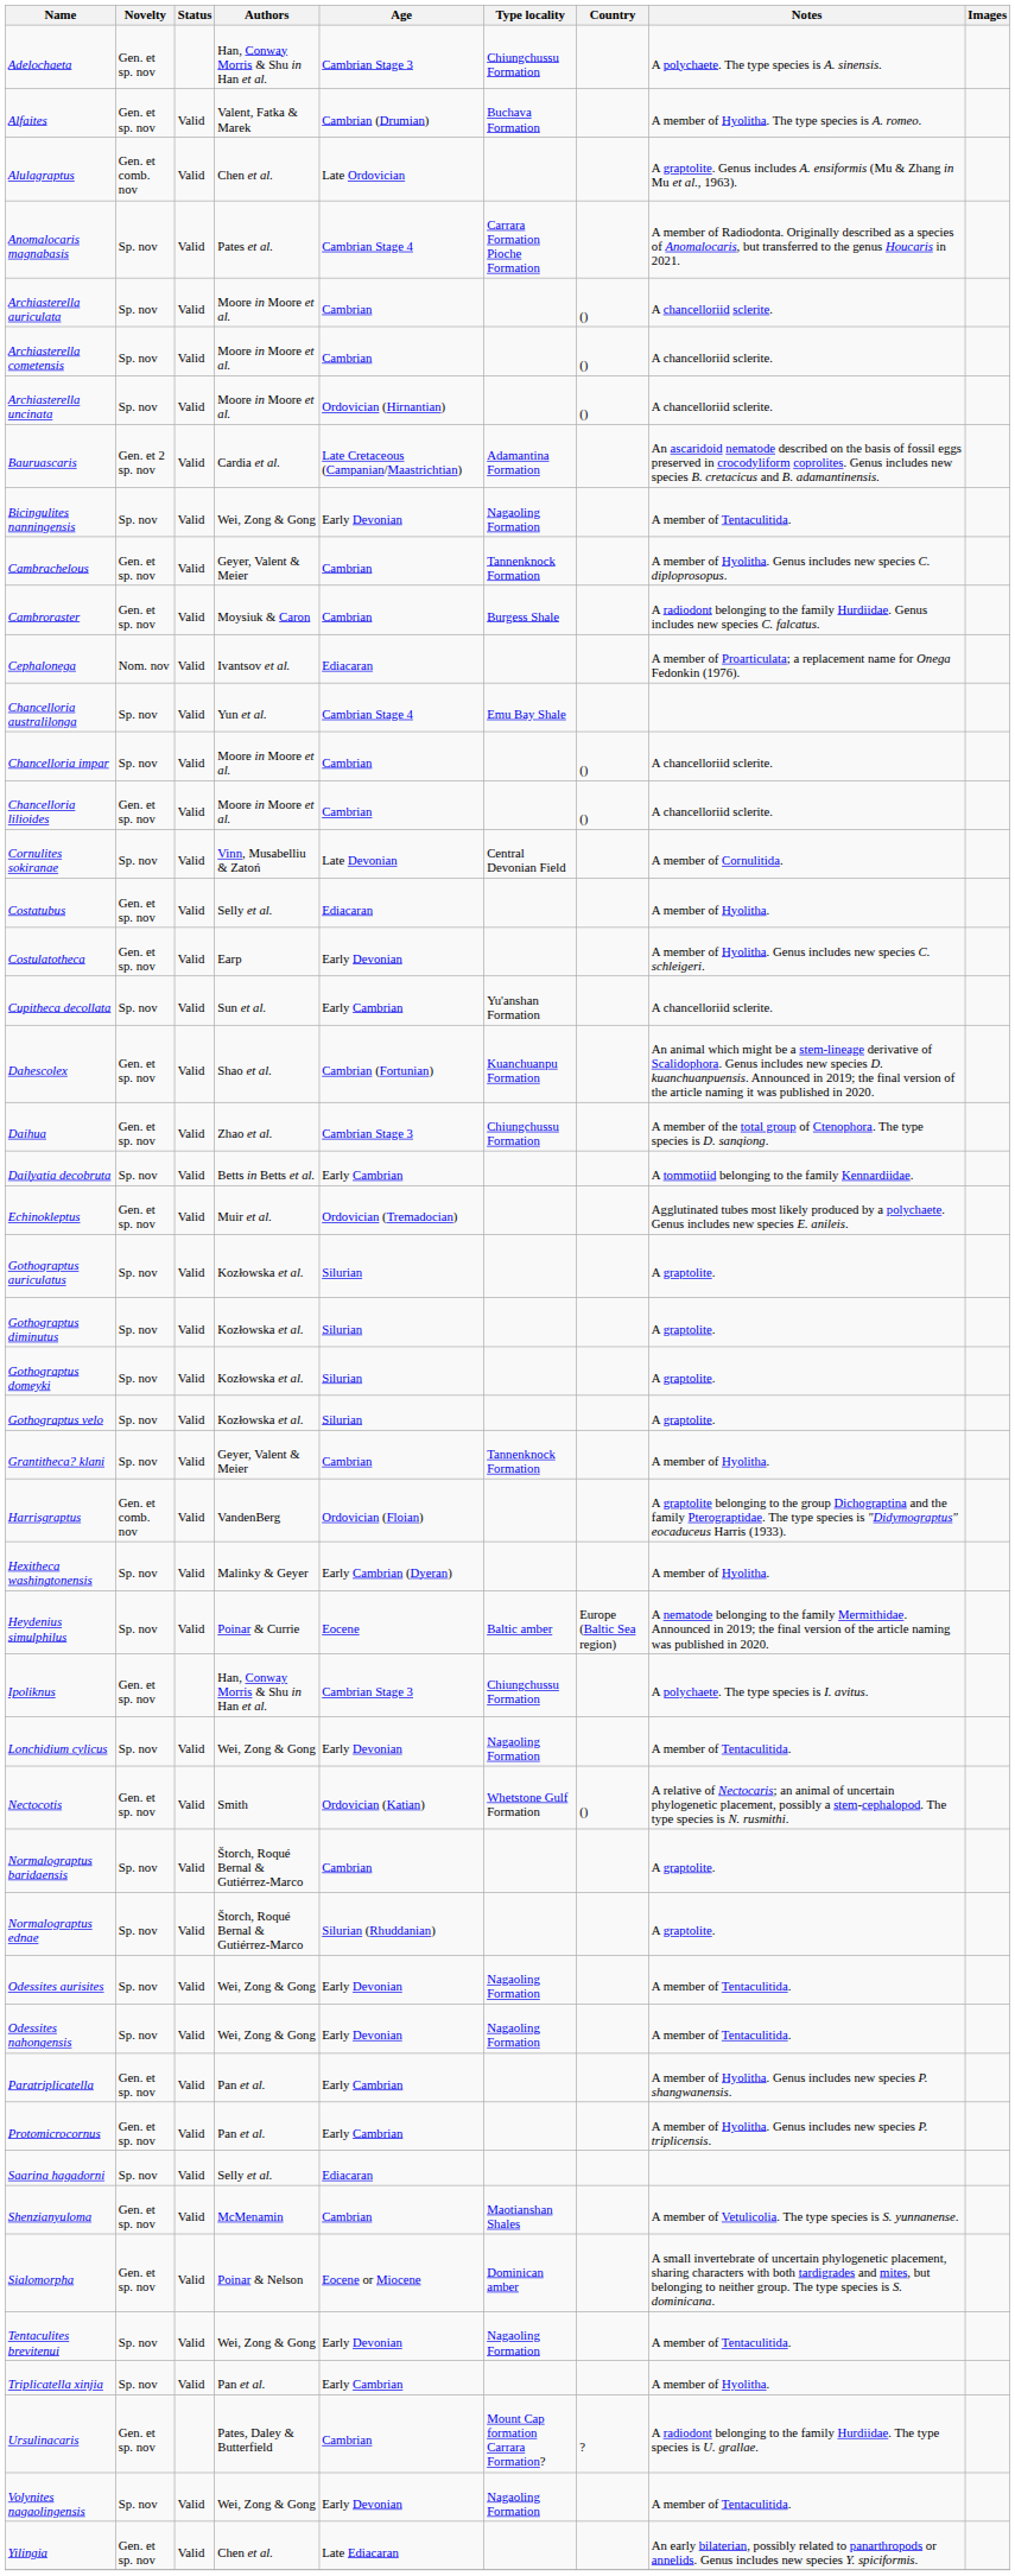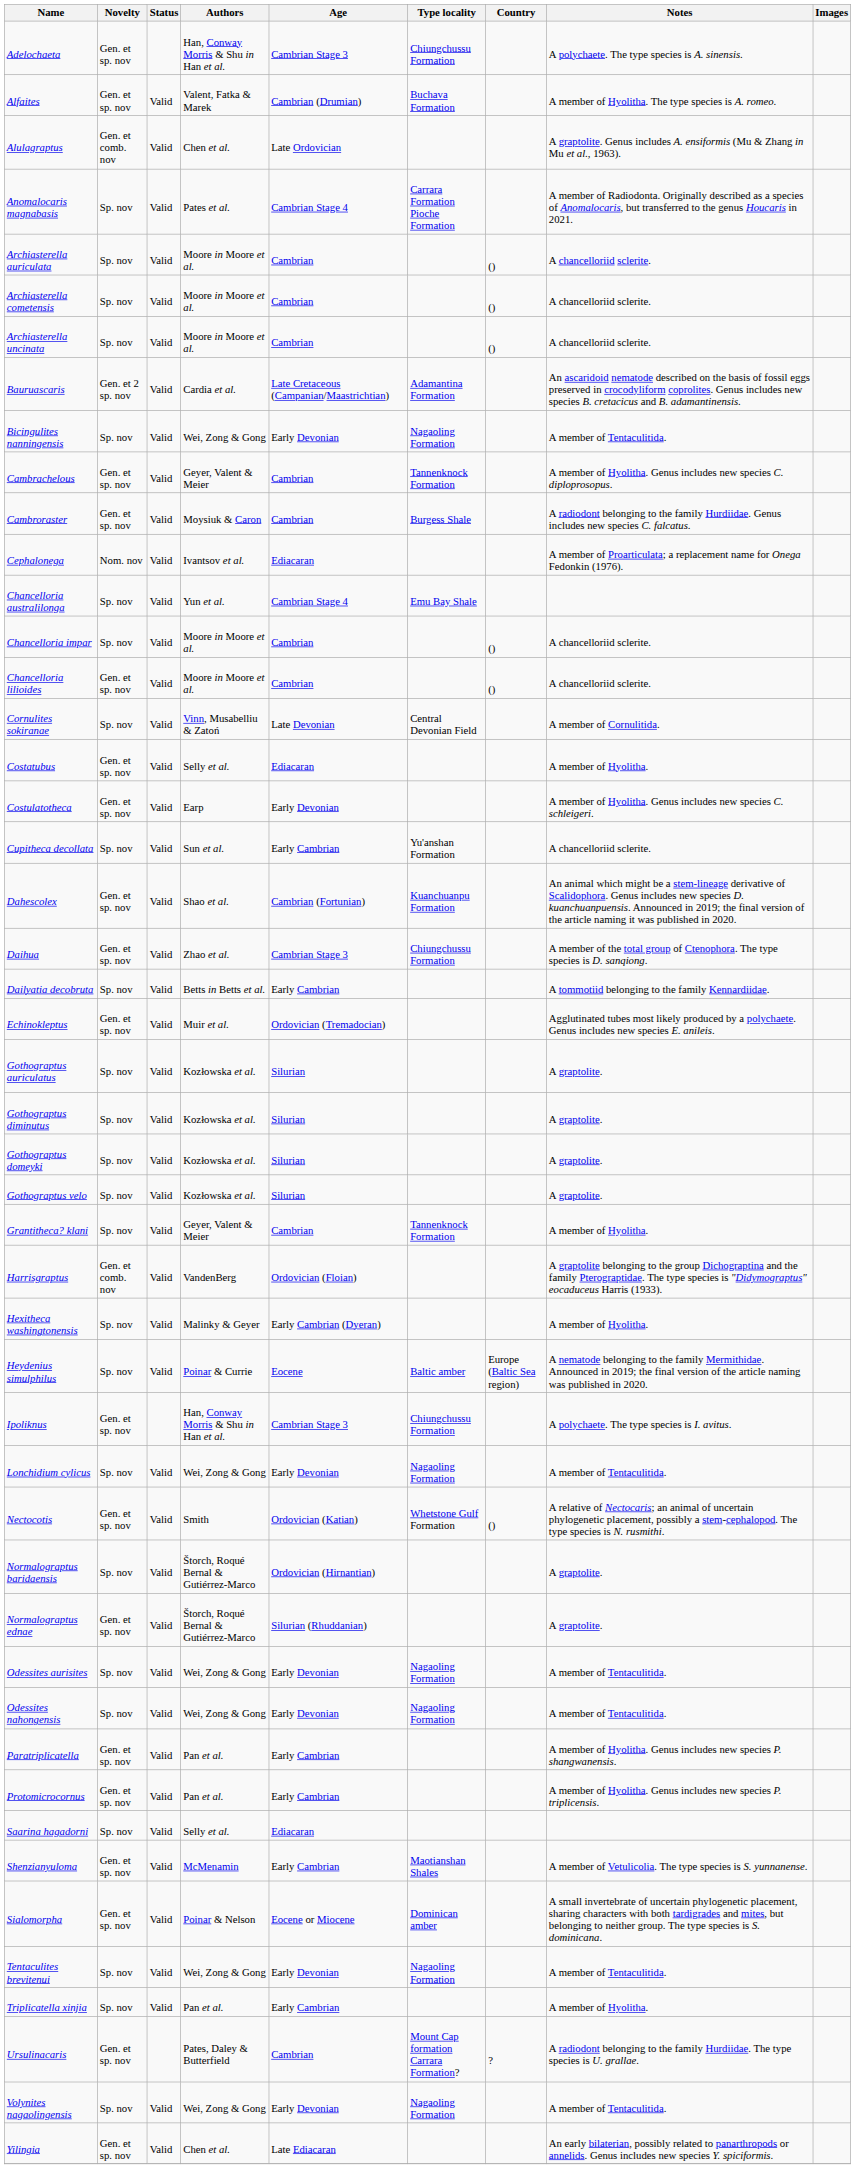 <table class="wikitable sortable" align="center" width="100%">
 <tr>
 <th>Name</th>
 <th>Novelty</th>
 <th>Status</th>
 <th>Authors</th>
 <th>Age</th>
 <th>Type locality</th>
 <th>Country</th>
 <th>Notes</th>
 <th>Images</th>
 </tr>
 <tr>
 <td><br><em><a href='#'>Adelochaeta</a></em></td>
 <td><br>Gen. et sp. nov</td>
 <td></td>
 <td><br>Han, <a href='#'>Conway Morris</a> & Shu <em>in</em> Han <em>et al.</em></td>
 <td><br><a href='#'>Cambrian Stage 3</a></td>
 <td><br><a href='#'>Chiungchussu Formation</a></td>
 <td><br></td>
 <td><br>A <a href='#'>polychaete</a>. The type species is <em>A. sinensis</em>.</td>
 <td></td>
 </tr>
 <tr>
 <td><br><em><a href='#'>Alfaites</a></em></td>
 <td><br>Gen. et sp. nov</td>
 <td><br>Valid</td>
 <td><br>Valent, Fatka & Marek</td>
 <td><br><a href='#'>Cambrian</a> (<a href='#'>Drumian</a>)</td>
 <td><br><a href='#'>Buchava Formation</a></td>
 <td><br></td>
 <td><br>A member of <a href='#'>Hyolitha</a>. The type species is <em>A. romeo</em>.</td>
 <td></td>
 </tr>
 <tr>
 <td><br><em><a href='#'>Alulagraptus</a></em></td>
 <td><br>Gen. et comb. nov</td>
 <td><br>Valid</td>
 <td><br>Chen <em>et al.</em></td>
 <td><br>Late <a href='#'>Ordovician</a></td>
 <td></td>
 <td><br></td>
 <td><br>A <a href='#'>graptolite</a>. Genus includes <em>A. ensiformis</em> (Mu & Zhang <em>in</em> Mu <em>et al.</em>, 1963).</td>
 <td></td>
 </tr>
 <tr>
 <td><br><em><a href='#'>Anomalocaris magnabasis</a></em></td>
 <td><br>Sp. nov</td>
 <td><br>Valid</td>
 <td><br>Pates <em>et al.</em></td>
 <td><br><a href='#'>Cambrian Stage 4</a></td>
 <td><br><a href='#'>Carrara Formation</a><br> <a href='#'>Pioche Formation</a></td>
 <td><br></td>
 <td><br>A member of Radiodonta. Originally described as a species of <em><a href='#'>Anomalocaris</a></em>, but transferred to the genus <em><a href='#'>Houcaris</a></em> in 2021.</td>
 <td></td>
 </tr>
 <tr>
 <td><br><em><a href='#'>Archiasterella auriculata</a></em></td>
 <td><br>Sp. nov</td>
 <td><br>Valid</td>
 <td><br>Moore <em>in</em> Moore <em>et al.</em></td>
 <td><br><a href='#'>Cambrian</a></td>
 <td></td>
 <td><br><br>()</td>
 <td><br>A <a href='#'>chancelloriid</a> <a href='#'>sclerite</a>.</td>
 <td></td>
 </tr>
 <tr>
 <td><br><em><a href='#'>Archiasterella cometensis</a></em></td>
 <td><br>Sp. nov</td>
 <td><br>Valid</td>
 <td><br>Moore <em>in</em> Moore <em>et al.</em></td>
 <td><br><a href='#'>Cambrian</a></td>
 <td></td>
 <td><br><br>()</td>
 <td><br>A chancelloriid sclerite.</td>
 <td></td>
 </tr>
 <tr>
 <td><br><em><a href='#'>Archiasterella uncinata</a></em></td>
 <td><br>Sp. nov</td>
 <td><br>Valid</td>
 <td><br>Moore <em>in</em> Moore <em>et al.</em></td>
-<td><br><a href='#'>Ordovician</a> (<a href='#'>Hirnantian</a>)</td>
+<td><br><a href='#'>Cambrian</a></td>
 <td></td>
 <td><br><br>()</td>
 <td><br>A chancelloriid sclerite.</td>
 <td></td>
 </tr>
 <tr>
 <td><br><em><a href='#'>Bauruascaris</a></em></td>
 <td><br>Gen. et 2 sp. nov</td>
 <td><br>Valid</td>
 <td><br>Cardia <em>et al.</em></td>
 <td><br><a href='#'>Late Cretaceous</a> (<a href='#'>Campanian</a>/<a href='#'>Maastrichtian</a>)</td>
 <td><br><a href='#'>Adamantina Formation</a></td>
 <td><br></td>
 <td><br>An <a href='#'>ascaridoid</a> <a href='#'>nematode</a> described on the basis of fossil eggs preserved in <a href='#'>crocodyliform</a> <a href='#'>coprolites</a>. Genus includes new species <em>B. cretacicus</em> and <em>B. adamantinensis</em>.</td>
 <td></td>
 </tr>
 <tr>
 <td><br><em><a href='#'>Bicingulites nanningensis</a></em></td>
 <td><br>Sp. nov</td>
 <td><br>Valid</td>
 <td><br>Wei, Zong & Gong</td>
 <td><br>Early <a href='#'>Devonian</a></td>
 <td><br><a href='#'>Nagaoling Formation</a></td>
 <td><br></td>
 <td><br>A member of <a href='#'>Tentaculitida</a>.</td>
 <td></td>
 </tr>
 <tr>
 <td><br><em><a href='#'>Cambrachelous</a></em></td>
 <td><br>Gen. et sp. nov</td>
 <td><br>Valid</td>
 <td><br>Geyer, Valent & Meier</td>
 <td><br><a href='#'>Cambrian</a></td>
 <td><br><a href='#'>Tannenknock Formation</a></td>
 <td><br></td>
 <td><br>A member of <a href='#'>Hyolitha</a>. Genus includes new species <em>C. diploprosopus</em>.</td>
 <td></td>
 </tr>
 <tr>
 <td><br><em><a href='#'>Cambroraster</a></em></td>
 <td><br>Gen. et sp. nov</td>
 <td><br>Valid</td>
 <td><br>Moysiuk & <a href='#'>Caron</a></td>
 <td><br><a href='#'>Cambrian</a></td>
 <td><br><a href='#'>Burgess Shale</a></td>
 <td><br><br> </td>
 <td><br>A <a href='#'>radiodont</a> belonging to the family <a href='#'>Hurdiidae</a>. Genus includes new species <em>C. falcatus</em>.</td>
 <td></td>
 </tr>
 <tr>
 <td><br><em><a href='#'>Cephalonega</a></em></td>
 <td><br>Nom. nov</td>
 <td><br>Valid</td>
 <td><br>Ivantsov <em>et al.</em></td>
 <td><br><a href='#'>Ediacaran</a></td>
 <td></td>
 <td><br></td>
 <td><br>A member of <a href='#'>Proarticulata</a>; a replacement name for <em>Onega</em> Fedonkin (1976).</td>
 <td></td>
 </tr>
 <tr>
 <td><br><em><a href='#'>Chancelloria australilonga</a></em></td>
 <td><br>Sp. nov</td>
 <td><br>Valid</td>
 <td><br>Yun <em>et al.</em></td>
 <td><br><a href='#'>Cambrian Stage 4</a></td>
 <td><br><a href='#'>Emu Bay Shale</a></td>
 <td><br></td>
 <td></td>
 <td></td>
 </tr>
 <tr>
 <td><br><em><a href='#'>Chancelloria impar</a></em></td>
 <td><br>Sp. nov</td>
 <td><br>Valid</td>
 <td><br>Moore <em>in</em> Moore <em>et al.</em></td>
 <td><br><a href='#'>Cambrian</a></td>
 <td></td>
 <td><br><br>()</td>
 <td><br>A chancelloriid sclerite.</td>
 <td></td>
 </tr>
 <tr>
 <td><br><em><a href='#'>Chancelloria lilioides</a></em></td>
 <td><br>Gen. et sp. nov</td>
 <td><br>Valid</td>
 <td><br>Moore <em>in</em> Moore <em>et al.</em></td>
 <td><br><a href='#'>Cambrian</a></td>
 <td></td>
 <td><br><br>()</td>
 <td><br>A chancelloriid sclerite.</td>
 <td></td>
 </tr>
 <tr>
 <td><br><em><a href='#'>Cornulites sokiranae</a></em></td>
 <td><br>Sp. nov</td>
 <td><br>Valid</td>
 <td><br><a href='#'>Vinn</a>, Musabelliu & Zatoń</td>
 <td><br>Late <a href='#'>Devonian</a></td>
 <td><br>Central Devonian Field</td>
 <td><br></td>
 <td><br>A member of <a href='#'>Cornulitida</a>.</td>
 <td></td>
 </tr>
 <tr>
 <td><br><em><a href='#'>Costatubus</a></em></td>
 <td><br>Gen. et sp. nov</td>
 <td><br>Valid</td>
 <td><br>Selly <em>et al.</em></td>
 <td><br><a href='#'>Ediacaran</a></td>
 <td></td>
 <td><br></td>
 <td><br>A member of <a href='#'>Hyolitha</a>.</td>
 <td></td>
 </tr>
 <tr>
 <td><br><em><a href='#'>Costulatotheca</a></em></td>
 <td><br>Gen. et sp. nov</td>
 <td><br>Valid</td>
 <td><br>Earp</td>
 <td><br>Early <a href='#'>Devonian</a></td>
 <td></td>
 <td><br></td>
 <td><br>A member of <a href='#'>Hyolitha</a>. Genus includes new species <em>C. schleigeri</em>.</td>
 <td></td>
 </tr>
 <tr>
 <td><br><em><a href='#'>Cupitheca decollata</a></em></td>
 <td><br>Sp. nov</td>
 <td><br>Valid</td>
 <td><br>Sun <em>et al.</em></td>
 <td><br>Early <a href='#'>Cambrian</a></td>
 <td><br>Yu'anshan Formation</td>
 <td><br></td>
 <td><br>A chancelloriid sclerite.</td>
 <td></td>
 </tr>
 <tr>
 <td><br><em><a href='#'>Dahescolex</a></em></td>
 <td><br>Gen. et sp. nov</td>
 <td><br>Valid</td>
 <td><br>Shao <em>et al.</em></td>
 <td><br><a href='#'>Cambrian</a> (<a href='#'>Fortunian</a>)</td>
 <td><br><a href='#'>Kuanchuanpu Formation</a></td>
 <td><br></td>
 <td><br>An animal which might be a <a href='#'>stem-lineage</a> derivative of <a href='#'>Scalidophora</a>. Genus includes new species <em>D. kuanchuanpuensis</em>. Announced in 2019; the final version of the article naming it was published in 2020.</td>
 <td></td>
 </tr>
 <tr>
 <td><br><em><a href='#'>Daihua</a></em></td>
 <td><br>Gen. et sp. nov</td>
 <td><br>Valid</td>
 <td><br>Zhao <em>et al.</em></td>
 <td><br><a href='#'>Cambrian Stage 3</a></td>
 <td><br><a href='#'>Chiungchussu Formation</a></td>
 <td><br></td>
 <td><br>A member of the <a href='#'>total group</a> of <a href='#'>Ctenophora</a>. The type species is <em>D. sanqiong</em>.</td>
 <td></td>
 </tr>
 <tr>
 <td><br><em><a href='#'>Dailyatia decobruta</a></em></td>
 <td><br>Sp. nov</td>
 <td><br>Valid</td>
 <td><br>Betts <em>in</em> Betts <em>et al.</em></td>
 <td><br>Early <a href='#'>Cambrian</a></td>
 <td></td>
 <td><br></td>
 <td><br>A <a href='#'>tommotiid</a> belonging to the family <a href='#'>Kennardiidae</a>.</td>
 <td></td>
 </tr>
 <tr>
 <td><br><em><a href='#'>Echinokleptus</a></em></td>
 <td><br>Gen. et sp. nov</td>
 <td><br>Valid</td>
 <td><br>Muir <em>et al.</em></td>
 <td><br><a href='#'>Ordovician</a> (<a href='#'>Tremadocian</a>)</td>
 <td></td>
 <td><br></td>
 <td><br>Agglutinated tubes most likely produced by a <a href='#'>polychaete</a>. Genus includes new species <em>E. anileis</em>.</td>
 <td></td>
 </tr>
 <tr>
 <td><br><em><a href='#'>Gothograptus auriculatus</a></em></td>
 <td><br>Sp. nov</td>
 <td><br>Valid</td>
 <td><br>Kozłowska <em>et al.</em></td>
 <td><br><a href='#'>Silurian</a></td>
 <td></td>
 <td><br><br> <br> <br> </td>
 <td><br>A <a href='#'>graptolite</a>.</td>
 <td></td>
 </tr>
 <tr>
 <td><br><em><a href='#'>Gothograptus diminutus</a></em></td>
 <td><br>Sp. nov</td>
 <td><br>Valid</td>
 <td><br>Kozłowska <em>et al.</em></td>
 <td><br><a href='#'>Silurian</a></td>
 <td></td>
 <td><br></td>
 <td><br>A <a href='#'>graptolite</a>.</td>
 <td></td>
 </tr>
 <tr>
 <td><br><em><a href='#'>Gothograptus domeyki</a></em></td>
 <td><br>Sp. nov</td>
 <td><br>Valid</td>
 <td><br>Kozłowska <em>et al.</em></td>
 <td><br><a href='#'>Silurian</a></td>
 <td></td>
 <td><br></td>
 <td><br>A <a href='#'>graptolite</a>.</td>
 <td></td>
 </tr>
 <tr>
 <td><br><em><a href='#'>Gothograptus velo</a></em></td>
 <td><br>Sp. nov</td>
 <td><br>Valid</td>
 <td><br>Kozłowska <em>et al.</em></td>
 <td><br><a href='#'>Silurian</a></td>
 <td></td>
 <td><br></td>
 <td><br>A <a href='#'>graptolite</a>.</td>
 <td></td>
 </tr>
 <tr>
 <td><br><em><a href='#'>Grantitheca? klani</a></em></td>
 <td><br>Sp. nov</td>
 <td><br>Valid</td>
 <td><br>Geyer, Valent & Meier</td>
 <td><br><a href='#'>Cambrian</a></td>
 <td><br><a href='#'>Tannenknock Formation</a></td>
 <td><br></td>
 <td><br>A member of <a href='#'>Hyolitha</a>.</td>
 <td></td>
 </tr>
 <tr>
 <td><br><em><a href='#'>Harrisgraptus</a></em></td>
 <td><br>Gen. et comb. nov</td>
 <td><br>Valid</td>
 <td><br>VandenBerg</td>
 <td><br><a href='#'>Ordovician</a> (<a href='#'>Floian</a>)</td>
 <td></td>
 <td><br></td>
 <td><br>A <a href='#'>graptolite</a> belonging to the group <a href='#'>Dichograptina</a> and the family <a href='#'>Pterograptidae</a>. The type species is <em>"<a href='#'>Didymograptus</a>" eocaduceus</em> Harris (1933).</td>
 <td></td>
 </tr>
 <tr>
 <td><br><em><a href='#'>Hexitheca washingtonensis</a></em></td>
 <td><br>Sp. nov</td>
 <td><br>Valid</td>
 <td><br>Malinky & Geyer</td>
 <td><br>Early <a href='#'>Cambrian</a> (<a href='#'>Dyeran</a>)</td>
 <td></td>
 <td><br></td>
 <td><br>A member of <a href='#'>Hyolitha</a>.</td>
 <td></td>
 </tr>
 <tr>
 <td><br><em><a href='#'>Heydenius simulphilus</a></em></td>
 <td><br>Sp. nov</td>
 <td><br>Valid</td>
 <td><br><a href='#'>Poinar</a> & Currie</td>
 <td><br><a href='#'>Eocene</a></td>
 <td><br><a href='#'>Baltic amber</a></td>
 <td><br>Europe (<a href='#'>Baltic Sea</a> region)</td>
 <td><br>A <a href='#'>nematode</a> belonging to the family <a href='#'>Mermithidae</a>. Announced in 2019; the final version of the article naming was published in 2020.</td>
 <td></td>
 </tr>
 <tr>
 <td><br><em><a href='#'>Ipoliknus</a></em></td>
 <td><br>Gen. et sp. nov</td>
 <td></td>
 <td><br>Han, <a href='#'>Conway Morris</a> & Shu <em>in</em> Han <em>et al.</em></td>
 <td><br><a href='#'>Cambrian Stage 3</a></td>
 <td><br><a href='#'>Chiungchussu Formation</a></td>
 <td><br></td>
 <td><br>A <a href='#'>polychaete</a>. The type species is <em>I. avitus</em>.</td>
 <td></td>
 </tr>
 <tr>
 <td><br><em><a href='#'>Lonchidium cylicus</a></em></td>
 <td><br>Sp. nov</td>
 <td><br>Valid</td>
 <td><br>Wei, Zong & Gong</td>
 <td><br>Early <a href='#'>Devonian</a></td>
 <td><br><a href='#'>Nagaoling Formation</a></td>
 <td><br></td>
 <td><br>A member of <a href='#'>Tentaculitida</a>.</td>
 <td></td>
 </tr>
 <tr>
 <td><br><em><a href='#'>Nectocotis</a></em></td>
 <td><br>Gen. et sp. nov</td>
 <td><br>Valid</td>
 <td><br>Smith</td>
 <td><br><a href='#'>Ordovician</a> (<a href='#'>Katian</a>)</td>
 <td><br><a href='#'>Whetstone Gulf</a> Formation</td>
 <td><br><br>()</td>
 <td><br>A relative of <em><a href='#'>Nectocaris</a></em>; an animal of uncertain phylogenetic placement, possibly a <a href='#'>stem</a>-<a href='#'>cephalopod</a>. The type species is <em>N. rusmithi</em>.</td>
 <td></td>
 </tr>
 <tr>
 <td><br><em><a href='#'>Normalograptus baridaensis</a></em></td>
 <td><br>Sp. nov</td>
 <td><br>Valid</td>
 <td><br>Štorch, Roqué Bernal & Gutiérrez-Marco</td>
-<td><br><a href='#'>Cambrian</a></td>
+<td><br><a href='#'>Ordovician</a> (<a href='#'>Hirnantian</a>)</td>
 <td></td>
 <td><br></td>
 <td><br>A <a href='#'>graptolite</a>.</td>
 <td></td>
 </tr>
 <tr>
 <td><br><em><a href='#'>Normalograptus ednae</a></em></td>
-<td><br>Sp. nov</td>
+<td><br>Gen. et sp. nov</td>
 <td><br>Valid</td>
 <td><br>Štorch, Roqué Bernal & Gutiérrez-Marco</td>
 <td><br><a href='#'>Silurian</a> (<a href='#'>Rhuddanian</a>)</td>
 <td></td>
 <td><br></td>
 <td><br>A <a href='#'>graptolite</a>.</td>
 <td></td>
 </tr>
 <tr>
 <td><br><em><a href='#'>Odessites aurisites</a></em></td>
 <td><br>Sp. nov</td>
 <td><br>Valid</td>
 <td><br>Wei, Zong & Gong</td>
 <td><br>Early <a href='#'>Devonian</a></td>
 <td><br><a href='#'>Nagaoling Formation</a></td>
 <td><br></td>
 <td><br>A member of <a href='#'>Tentaculitida</a>.</td>
 <td></td>
 </tr>
 <tr>
 <td><br><em><a href='#'>Odessites nahongensis</a></em></td>
 <td><br>Sp. nov</td>
 <td><br>Valid</td>
 <td><br>Wei, Zong & Gong</td>
 <td><br>Early <a href='#'>Devonian</a></td>
 <td><br><a href='#'>Nagaoling Formation</a></td>
 <td><br></td>
 <td><br>A member of <a href='#'>Tentaculitida</a>.</td>
 <td></td>
 </tr>
 <tr>
 <td><br><em><a href='#'>Paratriplicatella</a></em></td>
 <td><br>Gen. et sp. nov</td>
 <td><br>Valid</td>
 <td><br>Pan <em>et al.</em></td>
 <td><br>Early <a href='#'>Cambrian</a></td>
 <td></td>
 <td><br></td>
 <td><br>A member of <a href='#'>Hyolitha</a>. Genus includes new species <em>P. shangwanensis</em>.</td>
 <td></td>
 </tr>
 <tr>
 <td><br><em><a href='#'>Protomicrocornus</a></em></td>
 <td><br>Gen. et sp. nov</td>
 <td><br>Valid</td>
 <td><br>Pan <em>et al.</em></td>
 <td><br>Early <a href='#'>Cambrian</a></td>
 <td></td>
 <td><br></td>
 <td><br>A member of <a href='#'>Hyolitha</a>. Genus includes new species <em>P. triplicensis</em>.</td>
 <td></td>
 </tr>
 <tr>
 <td><br><em><a href='#'>Saarina hagadorni</a></em></td>
 <td><br>Sp. nov</td>
 <td><br>Valid</td>
 <td><br>Selly <em>et al.</em></td>
 <td><br><a href='#'>Ediacaran</a></td>
 <td></td>
 <td><br></td>
 <td></td>
 <td></td>
 </tr>
 <tr>
 <td><br><em><a href='#'>Shenzianyuloma</a></em></td>
 <td><br>Gen. et sp. nov</td>
 <td><br>Valid</td>
 <td><br><a href='#'>McMenamin</a></td>
-<td><br><a href='#'>Cambrian</a></td>
+<td><br>Early <a href='#'>Cambrian</a></td>
 <td><br><a href='#'>Maotianshan Shales</a></td>
 <td><br></td>
 <td><br>A member of <a href='#'>Vetulicolia</a>. The type species is <em>S. yunnanense</em>.</td>
 <td></td>
 </tr>
 <tr>
 <td><br><em><a href='#'>Sialomorpha</a></em></td>
 <td><br>Gen. et sp. nov</td>
 <td><br>Valid</td>
 <td><br><a href='#'>Poinar</a> & Nelson</td>
 <td><br><a href='#'>Eocene</a> or <a href='#'>Miocene</a></td>
 <td><br><a href='#'>Dominican amber</a></td>
 <td><br></td>
 <td><br>A small invertebrate of uncertain phylogenetic placement, sharing characters with both <a href='#'>tardigrades</a> and <a href='#'>mites</a>, but belonging to neither group. The type species is <em>S. dominicana</em>.</td>
 <td></td>
 </tr>
 <tr>
 <td><br><em><a href='#'>Tentaculites brevitenui</a></em></td>
 <td><br>Sp. nov</td>
 <td><br>Valid</td>
 <td><br>Wei, Zong & Gong</td>
 <td><br>Early <a href='#'>Devonian</a></td>
 <td><br><a href='#'>Nagaoling Formation</a></td>
 <td><br></td>
 <td><br>A member of <a href='#'>Tentaculitida</a>.</td>
 <td></td>
 </tr>
 <tr>
 <td><br><em><a href='#'>Triplicatella xinjia</a></em></td>
 <td><br>Sp. nov</td>
 <td><br>Valid</td>
 <td><br>Pan <em>et al.</em></td>
 <td><br>Early <a href='#'>Cambrian</a></td>
 <td></td>
 <td><br></td>
 <td><br>A member of <a href='#'>Hyolitha</a>.</td>
 <td></td>
 </tr>
 <tr>
 <td><br><em><a href='#'>Ursulinacaris</a></em></td>
 <td><br>Gen. et sp. nov</td>
 <td></td>
 <td><br>Pates, Daley & Butterfield</td>
 <td><br><a href='#'>Cambrian</a></td>
 <td><br><a href='#'>Mount Cap formation</a><br> <a href='#'>Carrara Formation</a>?</td>
 <td><br><br> ?</td>
 <td><br>A <a href='#'>radiodont</a> belonging to the family <a href='#'>Hurdiidae</a>. The type species is <em>U. grallae</em>.</td>
 <td></td>
 </tr>
 <tr>
 <td><br><em><a href='#'>Volynites nagaolingensis</a></em></td>
 <td><br>Sp. nov</td>
 <td><br>Valid</td>
 <td><br>Wei, Zong & Gong</td>
 <td><br>Early <a href='#'>Devonian</a></td>
 <td><br><a href='#'>Nagaoling Formation</a></td>
 <td><br></td>
 <td><br>A member of <a href='#'>Tentaculitida</a>.</td>
 <td></td>
 </tr>
 <tr>
 <td><br><em><a href='#'>Yilingia</a></em></td>
 <td><br>Gen. et sp. nov</td>
 <td><br>Valid</td>
 <td><br>Chen <em>et al.</em></td>
 <td><br>Late <a href='#'>Ediacaran</a></td>
 <td></td>
 <td><br></td>
 <td><br>An early <a href='#'>bilaterian</a>, possibly related to <a href='#'>panarthropods</a> or <a href='#'>annelids</a>. Genus includes new species <em>Y. spiciformis</em>.</td>
 <td></td>
 </tr>
 <tr>
 </tr>
 </table>
